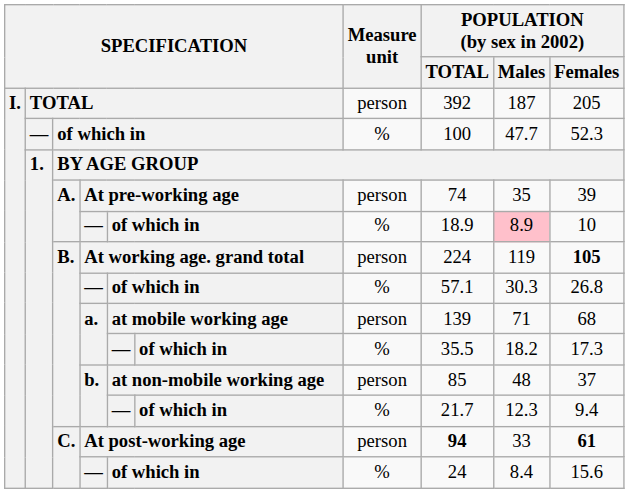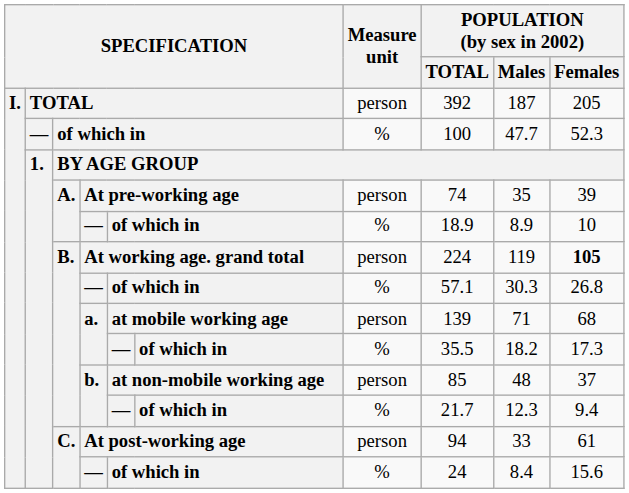 <table class="wikitable" style="font-size:85%; text-align:center">
 <tr>
 <th rowspan="2" colspan="6">SPECIFICATION</th>
 <th rowspan="2">Measure<br> unit</th>
 <th colspan="3" rowspan="1">POPULATION<br> (by sex in 2002)</th>
 </tr>
 <tr>
 <th>TOTAL</th>
 <th>Males</th>
 <th>Females</th>
 </tr>
 <tr>
 <th style="text-align:left" valign="top" rowspan="13">I.</th>
 <th style="text-align:left" colspan="5">TOTAL</th>
 <td>person</td>
 <td>392</td>
 <td>187</td>
 <td>205</td>
 </tr>
 <tr>
 <th style="text-align:left" valign="top">—</th>
 <th style="text-align:left" colspan="4">of which in</th>
 <td>%</td>
 <td>100</td>
 <td>47.7</td>
 <td>52.3</td>
 </tr>
 <tr>
 <th style="text-align:left" valign="top" rowspan="11">1.</th>
 <th style="text-align:left" colspan="19">BY AGE GROUP</th>
 </tr>
 <tr>
 <th style="text-align:left" valign="top" rowspan="2">A.</th>
 <th style="text-align:left" colspan="3">At pre-working age</th>
 <td>person</td>
 <td>74</td>
 <td>35</td>
 <td>39</td>
 </tr>
 <tr>
 <th style="text-align:left" valign="top">—</th>
 <th style="text-align:left" valign="top" colspan="2">of which in</th>
 <td>%</td>
 <td>18.9</td>
-<td style="background: pink;">8.9</td>
+<td>8.9</td>
 <td>10</td>
 </tr>
 <tr>
 <th style="text-align:left" valign="top" rowspan="6">B.</th>
 <th style="text-align:left" colspan="3">At working age. grand total</th>
 <td>person</td>
 <td>224</td>
 <td>119</td>
 <td><strong>105</strong></td>
 </tr>
 <tr>
 <th style="text-align:left" valign="top">—</th>
 <th style="text-align:left" valign="top" colspan="2">of which in</th>
 <td>%</td>
 <td>57.1</td>
 <td>30.3</td>
 <td>26.8</td>
 </tr>
 <tr>
 <th style="text-align:left" valign="top" rowspan="2">a.</th>
 <th style="text-align:left" colspan="2">at mobile working age</th>
 <td>person</td>
 <td>139</td>
 <td>71</td>
 <td>68</td>
 </tr>
 <tr>
 <th style="text-align:left" valign="top">—</th>
 <th style="text-align:left" valign="top" colspan="1">of which in                        </th>
 <td>%</td>
 <td>35.5</td>
 <td>18.2</td>
 <td>17.3</td>
 </tr>
 <tr>
 <th style="text-align:left" valign="top" rowspan="2">b.</th>
 <th style="text-align:left" colspan="2">at non-mobile working age</th>
 <td>person</td>
 <td>85</td>
 <td>48</td>
 <td>37</td>
 </tr>
 <tr>
 <th style="text-align:left" valign="top">—</th>
 <th style="text-align:left" valign="top" colspan="1">of which in                        </th>
 <td>%</td>
 <td>21.7</td>
 <td>12.3</td>
 <td>9.4</td>
 </tr>
 <tr>
 <th style="text-align:left" valign="top" rowspan="2">C.</th>
 <th style="text-align:left" colspan="3">At post-working age</th>
 <td>person</td>
-<td><strong>94</strong></td>
+<td>94</td>
 <td>33</td>
-<td><strong>61</strong></td>
+<td>61</td>
 </tr>
 <tr>
 <th style="text-align:left" valign="top">—</th>
 <th style="text-align:left" valign="top" colspan="2">of which in</th>
 <td>%</td>
 <td>24</td>
 <td>8.4</td>
 <td>15.6</td>
 </tr>
 </table>
